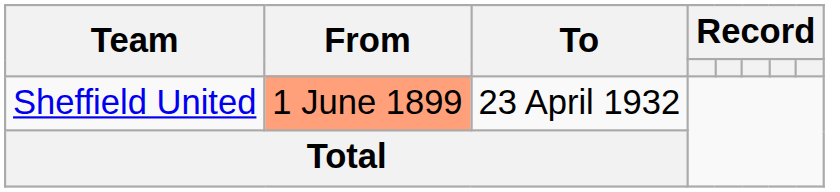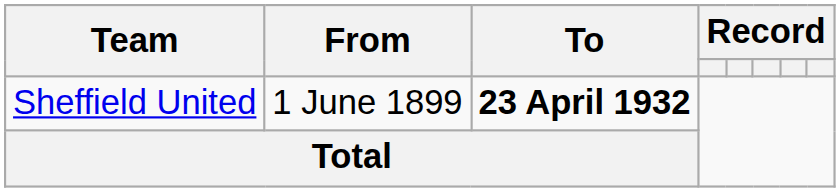 <table class="wikitable" style="text-align: center">
 <tr>
 <th rowspan="2">Team</th>
 <th rowspan="2">From</th>
 <th rowspan="2">To</th>
 <th colspan="5">Record</th>
 </tr>
 <tr>
 <th></th>
 <th></th>
 <th></th>
 <th></th>
 <th></th>
 </tr>
 <tr>
 <td align=left><a href='#'>Sheffield United</a></td>
-<td align=left style="background: lightsalmon;">1 June 1899</td>
-<td align=left>23 April 1932<br></td>
+<td align=left>1 June 1899</td>
+<td align=left><strong>23 April 1932<br></strong></td>
 </tr>
 <tr>
 <th colspan=3>Total<br></th>
 </tr>
 </table>
